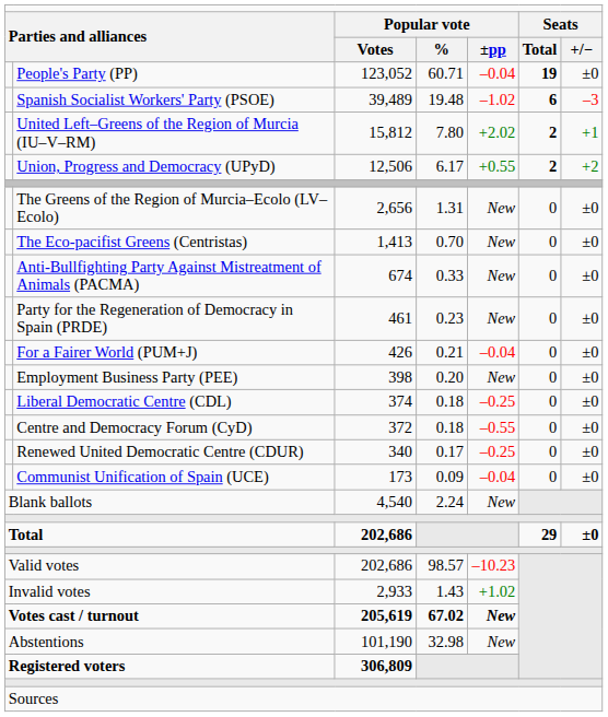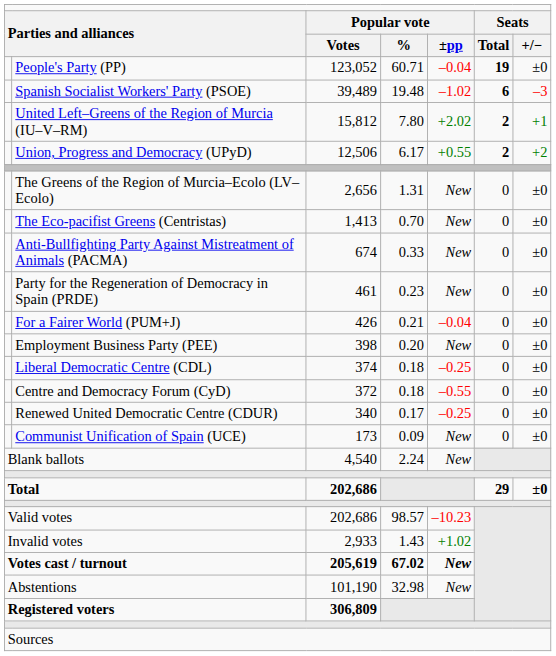 <table class="wikitable" style="text-align:right;">
 <tr>
 <td colspan="7"></td>
 </tr>
 <tr>
 <th style="text-align:left;" rowspan="2" colspan="2" width="525">Parties and alliances</th>
 <th colspan="3">Popular vote</th>
 <th colspan="2">Seats</th>
 </tr>
 <tr>
 <th width="75">Votes</th>
 <th width="45">%</th>
 <th width="45">±<a href='#'>pp</a></th>
 <th width="35">Total</th>
 <th width="35">+/−</th>
 </tr>
 <tr>
 <td width="1" style="color:inherit;background:"></td>
 <td align="left"><a href='#'>People's Party</a> (PP)</td>
 <td>123,052</td>
 <td>60.71</td>
 <td style="color:red;">–0.04</td>
 <td><strong>19</strong></td>
 <td>±0</td>
 </tr>
 <tr>
 <td style="color:inherit;background:"></td>
 <td align="left"><a href='#'>Spanish Socialist Workers' Party</a> (PSOE)</td>
 <td>39,489</td>
 <td>19.48</td>
 <td style="color:red;">–1.02</td>
 <td><strong>6</strong></td>
 <td style="color:red;">–3</td>
 </tr>
 <tr>
 <td style="color:inherit;background:"></td>
 <td align="left"><a href='#'>United Left–Greens of the Region of Murcia</a> (IU–V–RM)</td>
 <td>15,812</td>
 <td>7.80</td>
 <td style="color:green;">+2.02</td>
 <td><strong>2</strong></td>
 <td style="color:green;">+1</td>
 </tr>
 <tr>
 <td style="color:inherit;background:"></td>
 <td align="left"><a href='#'>Union, Progress and Democracy</a> (UPyD)</td>
 <td>12,506</td>
 <td>6.17</td>
 <td style="color:green;">+0.55</td>
 <td><strong>2</strong></td>
 <td style="color:green;">+2</td>
 </tr>
 <tr>
 <td colspan="7" bgcolor="#C0C0C0"></td>
 </tr>
 <tr>
 <td style="color:inherit;background:"></td>
 <td align="left">The Greens of the Region of Murcia–Ecolo (LV–Ecolo)</td>
 <td>2,656</td>
 <td>1.31</td>
 <td><em>New</em></td>
 <td>0</td>
 <td>±0</td>
 </tr>
 <tr>
 <td style="color:inherit;background:"></td>
 <td align="left"><a href='#'>The Eco-pacifist Greens</a> (Centristas)</td>
 <td>1,413</td>
 <td>0.70</td>
 <td><em>New</em></td>
 <td>0</td>
 <td>±0</td>
 </tr>
 <tr>
 <td style="color:inherit;background:"></td>
 <td align="left"><a href='#'>Anti-Bullfighting Party Against Mistreatment of Animals</a> (PACMA)</td>
 <td>674</td>
 <td>0.33</td>
 <td><em>New</em></td>
 <td>0</td>
 <td>±0</td>
 </tr>
 <tr>
 <td style="color:inherit;background:"></td>
 <td align="left">Party for the Regeneration of Democracy in Spain (PRDE)</td>
 <td>461</td>
 <td>0.23</td>
 <td><em>New</em></td>
 <td>0</td>
 <td>±0</td>
 </tr>
 <tr>
 <td style="color:inherit;background:"></td>
 <td align="left"><a href='#'>For a Fairer World</a> (PUM+J)</td>
 <td>426</td>
 <td>0.21</td>
 <td style="color:red;">–0.04</td>
 <td>0</td>
 <td>±0</td>
 </tr>
 <tr>
 <td style="color:inherit;background:"></td>
 <td align="left">Employment Business Party (PEE)</td>
 <td>398</td>
 <td>0.20</td>
 <td><em>New</em></td>
 <td>0</td>
 <td>±0</td>
 </tr>
 <tr>
 <td style="color:inherit;background:"></td>
 <td align="left"><a href='#'>Liberal Democratic Centre</a> (CDL)</td>
 <td>374</td>
 <td>0.18</td>
 <td style="color:red;">–0.25</td>
 <td>0</td>
 <td>±0</td>
 </tr>
 <tr>
 <td style="color:inherit;background:"></td>
 <td align="left">Centre and Democracy Forum (CyD)</td>
 <td>372</td>
 <td>0.18</td>
 <td style="color:red;">–0.55</td>
 <td>0</td>
 <td>±0</td>
 </tr>
 <tr>
 <td style="color:inherit;background:"></td>
 <td align="left">Renewed United Democratic Centre (CDUR)</td>
 <td>340</td>
 <td>0.17</td>
 <td style="color:red;">–0.25</td>
 <td>0</td>
 <td>±0</td>
 </tr>
 <tr>
 <td style="color:inherit;background:"></td>
 <td align="left"><a href='#'>Communist Unification of Spain</a> (UCE)</td>
 <td>173</td>
 <td>0.09</td>
-<td style="color:red;">–0.04</td>
+<td><em>New</em></td>
 <td>0</td>
 <td>±0</td>
 </tr>
 <tr>
 <td align="left" colspan="2">Blank ballots</td>
 <td>4,540</td>
 <td>2.24</td>
 <td><em>New</em></td>
 <td bgcolor="#E9E9E9" colspan="2"></td>
 </tr>
 <tr>
 <td colspan="7" bgcolor="#E9E9E9"></td>
 </tr>
 <tr style="font-weight:bold;">
 <td align="left" colspan="2">Total</td>
 <td>202,686</td>
 <td bgcolor="#E9E9E9" colspan="2"></td>
 <td>29</td>
 <td>±0</td>
 </tr>
 <tr>
 <td colspan="7" bgcolor="#E9E9E9"></td>
 </tr>
 <tr>
 <td align="left" colspan="2">Valid votes</td>
 <td>202,686</td>
 <td>98.57</td>
 <td style="color:red;">–10.23</td>
 <td bgcolor="#E9E9E9" colspan="2" rowspan="5"></td>
 </tr>
 <tr>
 <td align="left" colspan="2">Invalid votes</td>
 <td>2,933</td>
 <td>1.43</td>
 <td style="color:green;">+1.02</td>
 </tr>
 <tr style="font-weight:bold;">
 <td align="left" colspan="2">Votes cast / turnout</td>
 <td>205,619</td>
 <td>67.02</td>
 <td><em>New</em></td>
 </tr>
 <tr>
 <td align="left" colspan="2">Abstentions</td>
 <td>101,190</td>
 <td>32.98</td>
 <td><em>New</em></td>
 </tr>
 <tr style="font-weight:bold;">
 <td align="left" colspan="2">Registered voters</td>
 <td>306,809</td>
 <td bgcolor="#E9E9E9" colspan="2"></td>
 </tr>
 <tr>
 <td colspan="7" bgcolor="#E9E9E9"></td>
 </tr>
 <tr>
 <td align="left" colspan="7">Sources</td>
 </tr>
 </table>
